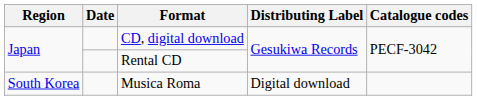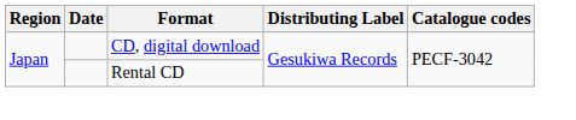 <table class="wikitable">
 <tr>
 <th>Region</th>
 <th>Date</th>
 <th>Format</th>
 <th>Distributing Label</th>
 <th>Catalogue codes</th>
 </tr>
 <tr>
 <td rowspan=2><a href='#'>Japan</a></td>
 <td></td>
 <td><a href='#'>CD</a>, <a href='#'>digital download</a></td>
 <td rowspan=2><a href='#'>Gesukiwa Records</a></td>
 <td rowspan=2>PECF-3042</td>
 </tr>
 <tr>
 <td></td>
 <td>Rental CD</td>
 </tr>
-<tr>
-<td><a href='#'>South Korea</a></td>
-<td></td>
-<td>Musica Roma</td>
-<td>Digital download</td>
-<td></td>
-</tr>
 </table>
